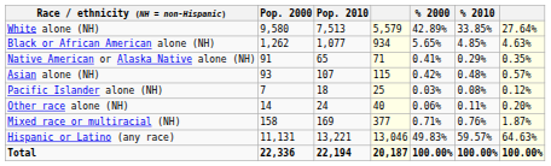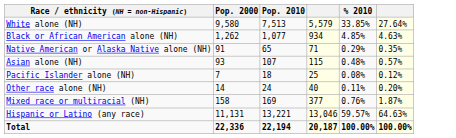 <table class="wikitable">
 <tr>
 <th>Race / ethnicity <small>(<em>NH = non-Hispanic</em>)</small></th>
 <th>Pop. 2000</th>
 <th>Pop. 2010</th>
 <th></th>
-<th>% 2000</th>
 <th>% 2010</th>
 <th></th>
 </tr>
 <tr>
 <td><a href='#'>White</a> alone (NH)</td>
 <td>9,580</td>
 <td>7,513</td>
 <td style='background: #ffffe6;'>5,579</td>
-<td>42.89%</td>
 <td>33.85%</td>
 <td style='background: #ffffe6;'>27.64%</td>
 </tr>
 <tr>
 <td><a href='#'>Black or African American</a> alone (NH)</td>
 <td>1,262</td>
 <td>1,077</td>
 <td style='background: #ffffe6;'>934</td>
-<td>5.65%</td>
 <td>4.85%</td>
 <td style='background: #ffffe6;'>4.63%</td>
 </tr>
 <tr>
 <td><a href='#'>Native American</a> or <a href='#'>Alaska Native</a> alone (NH)</td>
 <td>91</td>
 <td>65</td>
 <td style='background: #ffffe6;'>71</td>
-<td>0.41%</td>
 <td>0.29%</td>
 <td style='background: #ffffe6;'>0.35%</td>
 </tr>
 <tr>
 <td><a href='#'>Asian</a> alone (NH)</td>
 <td>93</td>
 <td>107</td>
 <td style='background: #ffffe6;'>115</td>
-<td>0.42%</td>
 <td>0.48%</td>
 <td style='background: #ffffe6;'>0.57%</td>
 </tr>
 <tr>
 <td><a href='#'>Pacific Islander</a> alone (NH)</td>
 <td>7</td>
 <td>18</td>
 <td style='background: #ffffe6;'>25</td>
-<td>0.03%</td>
 <td>0.08%</td>
 <td style='background: #ffffe6;'>0.12%</td>
 </tr>
 <tr>
 <td><a href='#'>Other race</a> alone (NH)</td>
 <td>14</td>
 <td>24</td>
 <td style='background: #ffffe6;'>40</td>
-<td>0.06%</td>
 <td>0.11%</td>
 <td style='background: #ffffe6;'>0.20%</td>
 </tr>
 <tr>
 <td><a href='#'>Mixed race or multiracial</a> (NH)</td>
 <td>158</td>
 <td>169</td>
 <td style='background: #ffffe6;'>377</td>
-<td>0.71%</td>
 <td>0.76%</td>
 <td style='background: #ffffe6;'>1.87%</td>
 </tr>
 <tr>
 <td><a href='#'>Hispanic or Latino</a> (any race)</td>
 <td>11,131</td>
 <td>13,221</td>
 <td style='background: #ffffe6;'>13,046</td>
-<td>49.83%</td>
 <td>59.57%</td>
 <td style='background: #ffffe6;'>64.63%</td>
 </tr>
 <tr>
 <td><strong>Total</strong></td>
 <td><strong>22,336</strong></td>
 <td><strong>22,194</strong></td>
 <td style='background: #ffffe6;'><strong>20,187</strong></td>
 <td><strong>100.00%</strong></td>
-<td><strong>100.00%</strong></td>
 <td style='background: #ffffe6;'><strong>100.00%</strong></td>
 </tr>
 </table>
